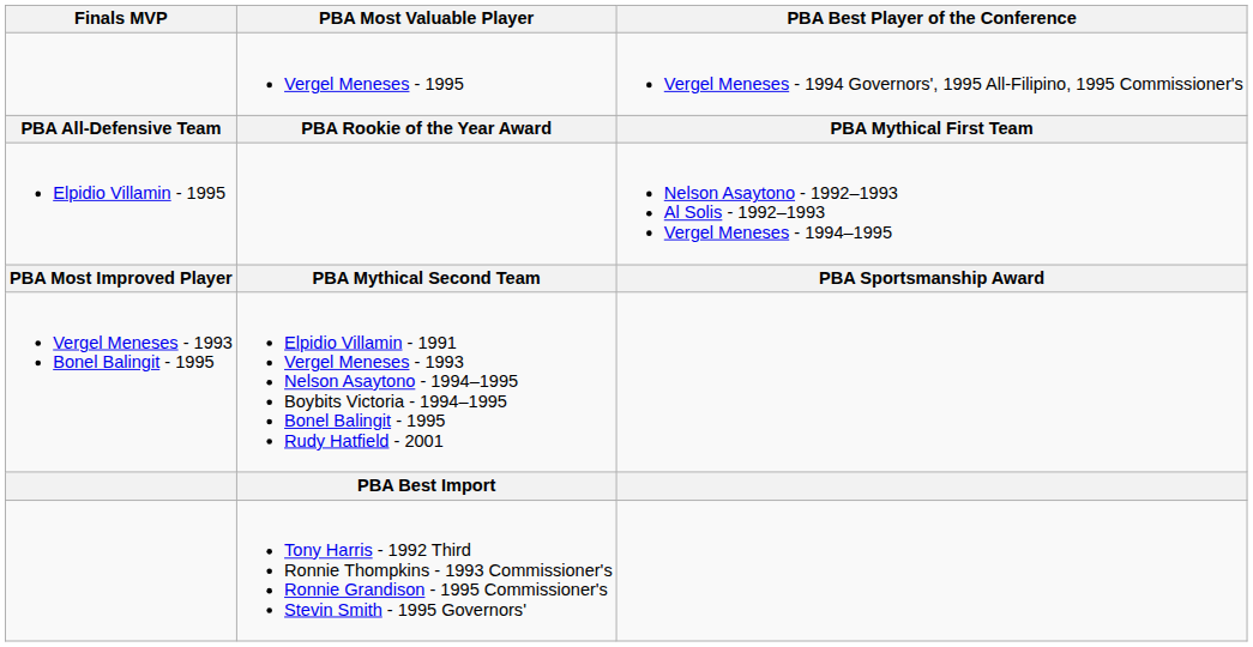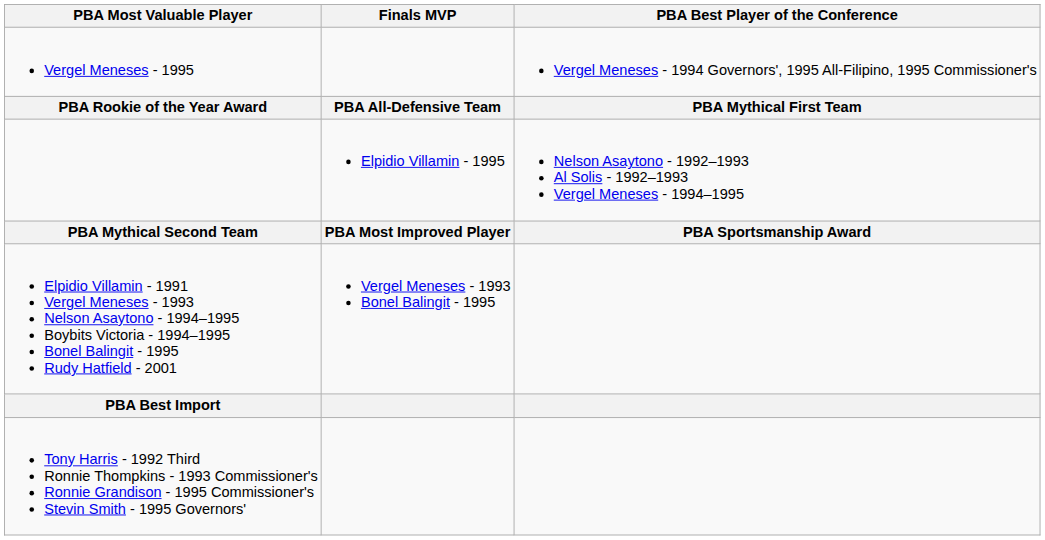 <table class=wikitable>
 <tr>
+<th>PBA Most Valuable Player</th>
 <th>Finals MVP</th>
-<th>PBA Most Valuable Player</th>
 <th>PBA Best Player of the Conference</th>
 </tr>
 <tr>
+<td valign="top"><br><ul><li><a href='#'>Vergel Meneses</a> - 1995</li></ul></td>
 <td valign="top"></td>
-<td valign="top"><br><ul><li><a href='#'>Vergel Meneses</a> - 1995</li></ul></td>
 <td valign="top"><br><ul><li><a href='#'>Vergel Meneses</a> - 1994 Governors', 1995 All-Filipino, 1995 Commissioner's</li></ul></td>
 </tr>
 <tr>
+<th>PBA Rookie of the Year Award</th>
 <th>PBA All-Defensive Team</th>
-<th>PBA Rookie of the Year Award</th>
 <th>PBA Mythical First Team</th>
 </tr>
 <tr>
+<td valign="top"></td>
 <td valign="top"><br><ul><li><a href='#'>Elpidio Villamin</a> - 1995</li></ul></td>
-<td valign="top"></td>
 <td valign="top"><br><ul><li><a href='#'>Nelson Asaytono</a> - 1992–1993</li><li><a href='#'>Al Solis</a> - 1992–1993</li><li><a href='#'>Vergel Meneses</a> - 1994–1995</li></ul></td>
 </tr>
 <tr>
+<th>PBA Mythical Second Team</th>
 <th>PBA Most Improved Player</th>
-<th>PBA Mythical Second Team</th>
 <th>PBA Sportsmanship Award</th>
 </tr>
 <tr>
+<td valign="top"><br><ul><li><a href='#'>Elpidio Villamin</a> - 1991</li><li><a href='#'>Vergel Meneses</a> - 1993</li><li><a href='#'>Nelson Asaytono</a> - 1994–1995</li><li>Boybits Victoria - 1994–1995</li><li><a href='#'>Bonel Balingit</a> - 1995</li><li><a href='#'>Rudy Hatfield</a> - 2001</li></ul></td>
 <td valign="top"><br><ul><li><a href='#'>Vergel Meneses</a> - 1993</li><li><a href='#'>Bonel Balingit</a> - 1995</li></ul></td>
-<td valign="top"><br><ul><li><a href='#'>Elpidio Villamin</a> - 1991</li><li><a href='#'>Vergel Meneses</a> - 1993</li><li><a href='#'>Nelson Asaytono</a> - 1994–1995</li><li>Boybits Victoria - 1994–1995</li><li><a href='#'>Bonel Balingit</a> - 1995</li><li><a href='#'>Rudy Hatfield</a> - 2001</li></ul></td>
 <td valign="top"></td>
 </tr>
 <tr>
+<th>PBA Best Import</th>
 <th></th>
-<th>PBA Best Import</th>
 <th></th>
 </tr>
 <tr>
+<td valign="top"><br><ul><li><a href='#'>Tony Harris</a> - 1992 Third</li><li>Ronnie Thompkins - 1993 Commissioner's</li><li><a href='#'>Ronnie Grandison</a> - 1995 Commissioner's</li><li><a href='#'>Stevin Smith</a> - 1995 Governors'</li></ul></td>
 <td valign="top"></td>
-<td valign="top"><br><ul><li><a href='#'>Tony Harris</a> - 1992 Third</li><li>Ronnie Thompkins - 1993 Commissioner's</li><li><a href='#'>Ronnie Grandison</a> - 1995 Commissioner's</li><li><a href='#'>Stevin Smith</a> - 1995 Governors'</li></ul></td>
 <td valign="top"></td>
 </tr>
 </table>
